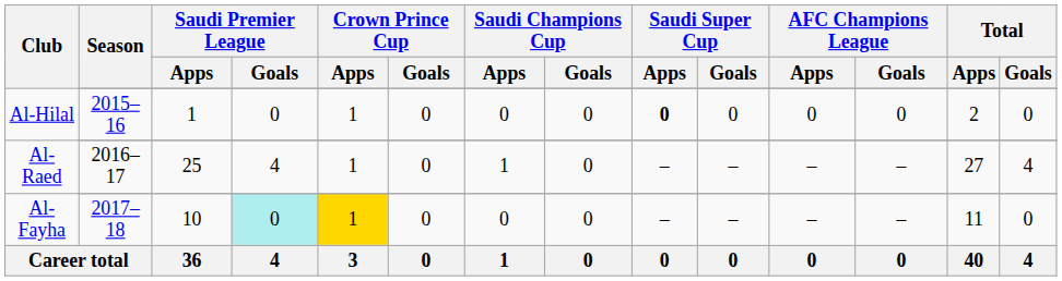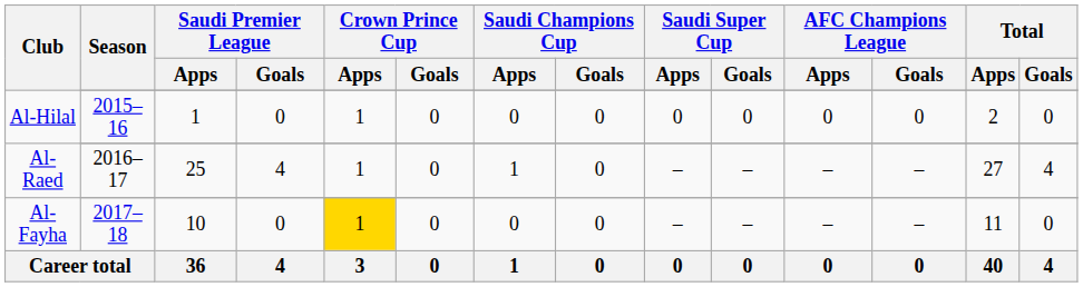 <table class="wikitable" style="text-align: center;">
 <tr>
 <th rowspan="2">Club</th>
 <th rowspan="2">Season</th>
 <th colspan="2"><a href='#'>Saudi Premier League</a></th>
 <th colspan="2"><a href='#'>Crown Prince Cup</a></th>
 <th colspan="2"><a href='#'>Saudi Champions Cup</a></th>
 <th colspan="2"><a href='#'>Saudi Super Cup</a></th>
 <th colspan="2"><a href='#'>AFC Champions League</a></th>
 <th colspan="2">Total</th>
 </tr>
 <tr>
 <th>Apps</th>
 <th>Goals</th>
 <th>Apps</th>
 <th>Goals</th>
 <th>Apps</th>
 <th>Goals</th>
 <th>Apps</th>
 <th>Goals</th>
 <th>Apps</th>
 <th>Goals</th>
 <th>Apps</th>
 <th>Goals</th>
 </tr>
 <tr>
 <td rowspan="2"><a href='#'>Al-Hilal</a></td>
 </tr>
 <tr>
 <td><a href='#'>2015–16</a></td>
 <td>1</td>
 <td>0</td>
 <td>1</td>
 <td>0</td>
 <td>0</td>
 <td>0</td>
-<td><strong>0</strong></td>
+<td>0</td>
 <td>0</td>
 <td>0</td>
 <td>0</td>
 <td>2</td>
 <td>0</td>
 </tr>
 <tr>
 <td rowspan="2"><a href='#'>Al-Raed</a> </td>
 </tr>
 <tr>
 <td>2016–17</td>
 <td>25</td>
 <td>4</td>
 <td>1</td>
 <td>0</td>
 <td>1</td>
 <td>0</td>
 <td>–</td>
 <td>–</td>
 <td>–</td>
 <td>–</td>
 <td>27</td>
 <td>4</td>
 </tr>
 <tr>
 <td rowspan="2"><a href='#'>Al-Fayha</a></td>
 </tr>
 <tr>
 <td><a href='#'>2017–18</a></td>
 <td>10</td>
-<td style="background: paleturquoise;">0</td>
+<td>0</td>
 <td style="background: gold;">1</td>
 <td>0</td>
 <td>0</td>
 <td>0</td>
 <td>–</td>
 <td>–</td>
 <td>–</td>
 <td>–</td>
 <td>11</td>
 <td>0</td>
 </tr>
 <tr>
 <th colspan=2>Career total</th>
 <th>36</th>
 <th>4</th>
 <th>3</th>
 <th>0</th>
 <th>1</th>
 <th>0</th>
 <th>0</th>
 <th>0</th>
 <th>0</th>
 <th>0</th>
 <th>40</th>
 <th>4</th>
 </tr>
 </table>
